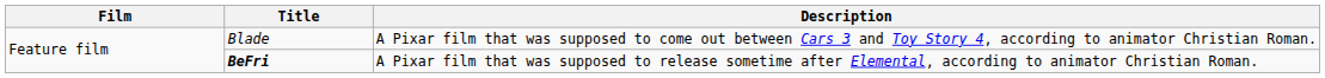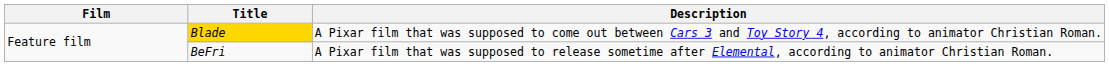 <table class="wikitable">
 <tr>
 <th style="width:150pt;">Film</th>
 <th style="width:100pt;">Title</th>
 <th>Description</th>
 </tr>
 <tr>
 <td rowspan="2">Feature film</td>
-<td><em>Blade</em></td>
+<td style="background: gold;"><em>Blade</em></td>
 <td>A Pixar film that was supposed to come out between <em><a href='#'>Cars 3</a></em> and <em><a href='#'>Toy Story 4</a></em>, according to animator Christian Roman.</td>
 </tr>
 <tr>
-<td><strong><em>BeFri</em></strong></td>
+<td><em>BeFri</em></td>
 <td>A Pixar film that was supposed to release sometime after <em><a href='#'>Elemental</a></em>, according to animator Christian Roman.</td>
 </tr>
 </table>
